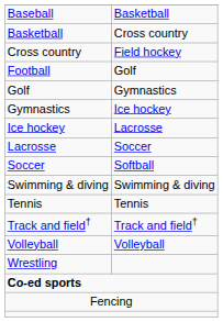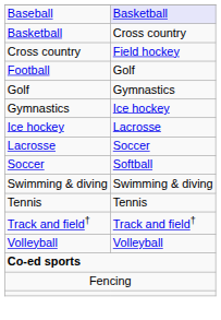 <table class="wikitable" style= " ">
 <tr>
 </tr>
 <tr>
 <td><a href='#'>Baseball</a></td>
-<td><a href='#'>Basketball</a></td>
+<td style="background: lavender;"><a href='#'>Basketball</a></td>
 </tr>
 <tr>
 <td><a href='#'>Basketball</a></td>
 <td>Cross country</td>
 </tr>
 <tr>
 <td>Cross country</td>
 <td><a href='#'>Field hockey</a></td>
 </tr>
 <tr>
 <td><a href='#'>Football</a></td>
 <td>Golf</td>
 </tr>
 <tr>
 <td>Golf</td>
 <td>Gymnastics</td>
 </tr>
 <tr>
 <td>Gymnastics</td>
 <td><a href='#'>Ice hockey</a></td>
 </tr>
 <tr>
 <td><a href='#'>Ice hockey</a></td>
 <td><a href='#'>Lacrosse</a></td>
 </tr>
 <tr>
 <td><a href='#'>Lacrosse</a></td>
 <td><a href='#'>Soccer</a></td>
 </tr>
 <tr>
 <td><a href='#'>Soccer</a></td>
 <td><a href='#'>Softball</a></td>
 </tr>
 <tr>
 <td>Swimming & diving</td>
 <td>Swimming & diving</td>
 </tr>
 <tr>
 <td>Tennis</td>
 <td>Tennis</td>
 </tr>
 <tr>
 <td><a href='#'>Track and field</a><sup>†</sup></td>
 <td><a href='#'>Track and field</a><sup>†</sup></td>
 </tr>
 <tr>
 <td><a href='#'>Volleyball</a></td>
 <td><a href='#'>Volleyball</a></td>
 </tr>
 <tr>
-<td><a href='#'>Wrestling</a></td>
-<td></td>
-</tr>
-<tr>
 <td colspan="2"><strong>Co-ed sports</strong></td>
 </tr>
 <tr>
 <td colspan="2" style="text-align:center">Fencing</td>
 </tr>
 <tr>
 <td colspan="2"></td>
 </tr>
 </table>
